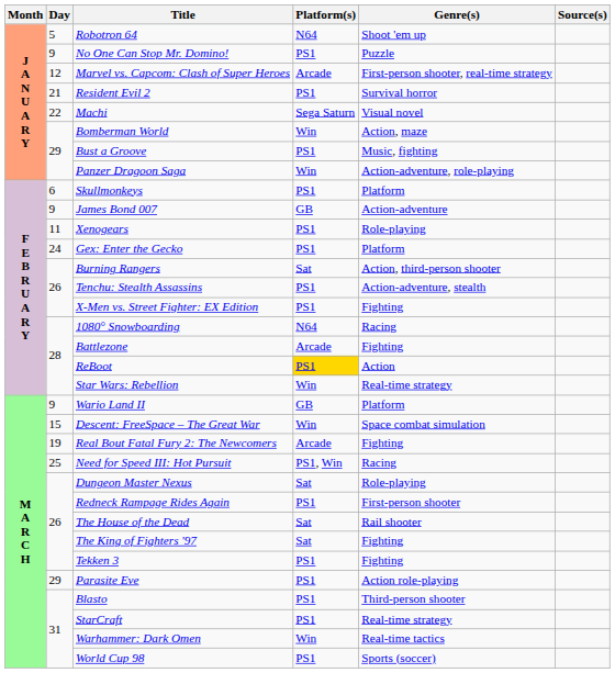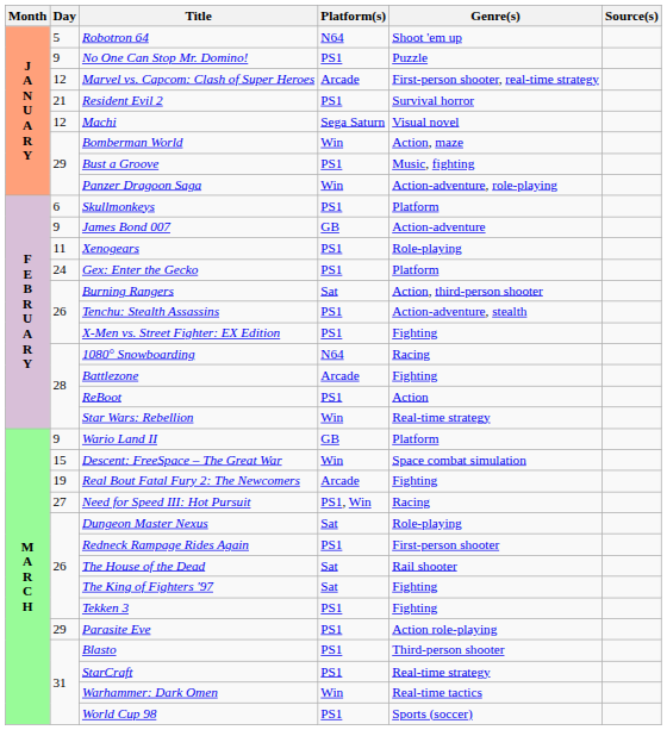 <table class="wikitable">
 <tr style="background:#dae3e7;">
 <th>Month</th>
 <th>Day</th>
 <th>Title</th>
 <th>Platform(s)</th>
 <th>Genre(s)</th>
 <th>Source(s)</th>
 </tr>
 <tr>
 <td rowspan="8" style="text-align:center; background:#ffa07a; textcolor:#000;"><strong>J<br>A<br>N<br>U<br>A<br>R<br>Y</strong></td>
 <td>5</td>
 <td><em><a href='#'>Robotron 64</a></em></td>
 <td><a href='#'>N64</a></td>
 <td><a href='#'>Shoot 'em up</a></td>
 <td align="center"></td>
 </tr>
 <tr>
 <td>9</td>
 <td><em><a href='#'>No One Can Stop Mr. Domino!</a></em></td>
 <td><a href='#'>PS1</a></td>
 <td><a href='#'>Puzzle</a></td>
 <td align="center"></td>
 </tr>
 <tr>
 <td>12</td>
 <td><em><a href='#'>Marvel vs. Capcom: Clash of Super Heroes</a></em></td>
 <td><a href='#'>Arcade</a></td>
 <td><a href='#'>First-person shooter</a>, <a href='#'>real-time strategy</a></td>
 <td align="center"></td>
 </tr>
 <tr>
 <td>21</td>
 <td><em><a href='#'>Resident Evil 2</a></em></td>
 <td><a href='#'>PS1</a></td>
 <td><a href='#'>Survival horror</a></td>
 <td align="center"></td>
 </tr>
 <tr>
-<td>22</td>
+<td>12</td>
 <td><em><a href='#'>Machi</a></em></td>
 <td><a href='#'>Sega Saturn</a></td>
 <td><a href='#'>Visual novel</a></td>
 <td align="center"></td>
 </tr>
 <tr>
 <td rowspan="3">29</td>
 <td><em><a href='#'>Bomberman World</a></em></td>
 <td><a href='#'>Win</a></td>
 <td><a href='#'>Action</a>, <a href='#'>maze</a></td>
 <td align="center"></td>
 </tr>
 <tr>
 <td><em><a href='#'>Bust a Groove</a></em></td>
 <td><a href='#'>PS1</a></td>
 <td><a href='#'>Music</a>, <a href='#'>fighting</a></td>
 <td align="center"></td>
 </tr>
 <tr>
 <td><em><a href='#'>Panzer Dragoon Saga</a></em></td>
 <td><a href='#'>Win</a></td>
 <td><a href='#'>Action-adventure</a>, <a href='#'>role-playing</a></td>
 <td align="center"></td>
 </tr>
 <tr>
 <td rowspan="11" style="text-align:center; background:thistle; textcolor:#000;"><strong>F<br>E<br>B<br>R<br>U<br>A<br>R<br>Y</strong></td>
 <td>6</td>
 <td><em><a href='#'>Skullmonkeys</a></em></td>
 <td><a href='#'>PS1</a></td>
 <td><a href='#'>Platform</a></td>
 <td align="center"></td>
 </tr>
 <tr>
 <td>9</td>
 <td><em><a href='#'>James Bond 007</a></em></td>
 <td><a href='#'>GB</a></td>
 <td><a href='#'>Action-adventure</a></td>
 <td align="center"></td>
 </tr>
 <tr>
 <td>11</td>
 <td><em><a href='#'>Xenogears</a></em></td>
 <td><a href='#'>PS1</a></td>
 <td><a href='#'>Role-playing</a></td>
 <td align="center"></td>
 </tr>
 <tr>
 <td>24</td>
 <td><em><a href='#'>Gex: Enter the Gecko</a></em></td>
 <td><a href='#'>PS1</a></td>
 <td><a href='#'>Platform</a></td>
 <td align="center"></td>
 </tr>
 <tr>
 <td rowspan="3">26</td>
 <td><em><a href='#'>Burning Rangers</a></em></td>
 <td><a href='#'>Sat</a></td>
 <td><a href='#'>Action</a>, <a href='#'>third-person shooter</a></td>
 <td align="center"></td>
 </tr>
 <tr>
 <td><em><a href='#'>Tenchu: Stealth Assassins</a></em></td>
 <td><a href='#'>PS1</a></td>
 <td><a href='#'>Action-adventure</a>, <a href='#'>stealth</a></td>
 <td align="center"></td>
 </tr>
 <tr>
 <td><em><a href='#'>X-Men vs. Street Fighter: EX Edition</a></em></td>
 <td><a href='#'>PS1</a></td>
 <td><a href='#'>Fighting</a></td>
 <td align="center"></td>
 </tr>
 <tr>
 <td rowspan="4">28</td>
 <td><em><a href='#'>1080° Snowboarding</a></em></td>
 <td><a href='#'>N64</a></td>
 <td><a href='#'>Racing</a></td>
 <td align="center"></td>
 </tr>
 <tr>
 <td><em><a href='#'>Battlezone</a></em></td>
 <td><a href='#'>Arcade</a></td>
 <td><a href='#'>Fighting</a></td>
 <td align="center"></td>
 </tr>
 <tr>
 <td><em><a href='#'>ReBoot</a></em></td>
-<td style="background: gold;"><a href='#'>PS1</a></td>
+<td><a href='#'>PS1</a></td>
 <td><a href='#'>Action</a></td>
 <td align="center"></td>
 </tr>
 <tr>
 <td><em><a href='#'>Star Wars: Rebellion</a></em></td>
 <td><a href='#'>Win</a></td>
 <td><a href='#'>Real-time strategy</a></td>
 <td align="center"></td>
 </tr>
 <tr>
 <td rowspan="14" style="text-align:center; background:#98fb98; textcolor:#000;"><strong>M<br>A<br>R<br>C<br>H</strong></td>
 <td>9</td>
 <td><em><a href='#'>Wario Land II</a></em></td>
 <td><a href='#'>GB</a></td>
 <td><a href='#'>Platform</a></td>
 <td align="center"></td>
 </tr>
 <tr>
 <td>15</td>
 <td><em><a href='#'>Descent: FreeSpace – The Great War</a></em></td>
 <td><a href='#'>Win</a></td>
 <td><a href='#'>Space combat simulation</a></td>
 <td align="center"></td>
 </tr>
 <tr>
 <td>19</td>
 <td><em><a href='#'>Real Bout Fatal Fury 2: The Newcomers</a></em></td>
 <td><a href='#'>Arcade</a></td>
 <td><a href='#'>Fighting</a></td>
 <td></td>
 </tr>
 <tr>
-<td>25</td>
+<td>27</td>
 <td><em><a href='#'>Need for Speed III: Hot Pursuit</a></em></td>
 <td><a href='#'>PS1</a>, <a href='#'>Win</a></td>
 <td><a href='#'>Racing</a></td>
 <td align="center"></td>
 </tr>
 <tr>
 <td rowspan="5">26</td>
 <td><em><a href='#'>Dungeon Master Nexus</a></em></td>
 <td><a href='#'>Sat</a></td>
 <td><a href='#'>Role-playing</a></td>
 <td align="center"></td>
 </tr>
 <tr>
 <td><em><a href='#'>Redneck Rampage Rides Again</a></em></td>
 <td><a href='#'>PS1</a></td>
 <td><a href='#'>First-person shooter</a></td>
 <td align="center"></td>
 </tr>
 <tr>
 <td><em><a href='#'>The House of the Dead</a></em></td>
 <td><a href='#'>Sat</a></td>
 <td><a href='#'>Rail shooter</a></td>
 <td align="center"></td>
 </tr>
 <tr>
 <td><em><a href='#'>The King of Fighters '97</a></em></td>
 <td><a href='#'>Sat</a></td>
 <td><a href='#'>Fighting</a></td>
 <td align="center"></td>
 </tr>
 <tr>
 <td><em><a href='#'>Tekken 3</a></em></td>
 <td><a href='#'>PS1</a></td>
 <td><a href='#'>Fighting</a></td>
 <td align="center"></td>
 </tr>
 <tr>
 <td>29</td>
 <td><em><a href='#'>Parasite Eve</a></em></td>
 <td><a href='#'>PS1</a></td>
 <td><a href='#'>Action role-playing</a></td>
 <td align="center"></td>
 </tr>
 <tr>
 <td rowspan="4">31</td>
 <td><em><a href='#'>Blasto</a></em></td>
 <td><a href='#'>PS1</a></td>
 <td><a href='#'>Third-person shooter</a></td>
 <td align="center"></td>
 </tr>
 <tr>
 <td><em><a href='#'>StarCraft</a></em></td>
 <td><a href='#'>PS1</a></td>
 <td><a href='#'>Real-time strategy</a></td>
 <td align="center"></td>
 </tr>
 <tr>
 <td><em><a href='#'>Warhammer: Dark Omen</a></em></td>
 <td><a href='#'>Win</a></td>
 <td><a href='#'>Real-time tactics</a></td>
 <td align="center"></td>
 </tr>
 <tr>
 <td><em><a href='#'>World Cup 98</a></em></td>
 <td><a href='#'>PS1</a></td>
 <td><a href='#'>Sports (soccer)</a></td>
 <td align="center"></td>
 </tr>
 </table>
